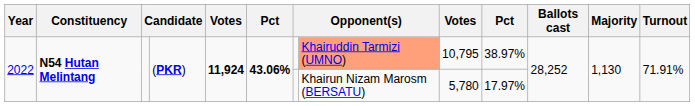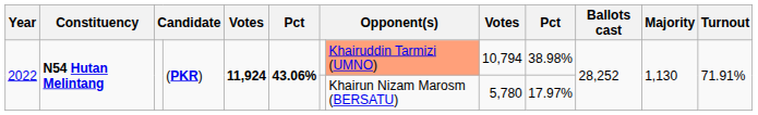 <table class="wikitable" style="margin:0.5em ; font-size:95%">
 <tr>
 <th>Year</th>
 <th>Constituency</th>
 <th colspan=2>Candidate</th>
 <th>Votes</th>
 <th>Pct</th>
 <th colspan=2>Opponent(s)</th>
 <th>Votes</th>
 <th>Pct</th>
 <th>Ballots cast</th>
 <th>Majority</th>
 <th>Turnout</th>
 </tr>
 <tr>
 <td rowspan=2><a href='#'>2022</a></td>
 <td rowspan=2><strong>N54 <a href='#'>Hutan Melintang</a></strong></td>
 <td rowspan=2 ></td>
 <td rowspan=2> (<a href='#'><strong>PKR</strong></a>)</td>
 <td rowspan=2 align=right><strong>11,924</strong></td>
 <td rowspan=2><strong>43.06%</strong></td>
 <td></td>
 <td style="background: lightsalmon;"><a href='#'>Khairuddin Tarmizi</a> (<a href='#'>UMNO</a>)</td>
-<td align=right>10,795</td>
-<td>38.97%</td>
+<td align=right>10,794</td>
+<td>38.98%</td>
 <td rowspan=2>28,252</td>
 <td rowspan=2>1,130</td>
 <td rowspan=2>71.91%</td>
 </tr>
 <tr>
 <td bgcolor=></td>
 <td>Khairun Nizam Marosm (<a href='#'>BERSATU</a>)</td>
 <td align=right>5,780</td>
 <td>17.97%</td>
 </tr>
 </table>
